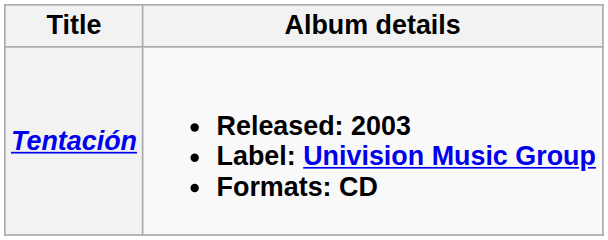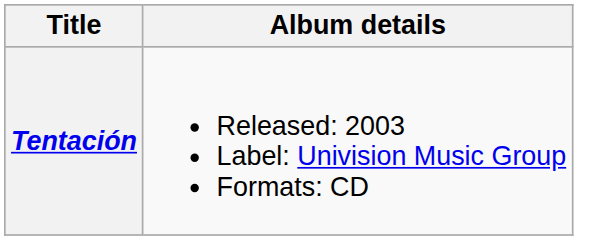 <table class="wikitable plainrowheaders">
 <tr>
 <th scope="col">Title</th>
 <th scope="col">Album details</th>
 </tr>
 <tr>
 <th scope="row"><em><a href='#'>Tentación</a></em></th>
-<td><strong><br><ul><li>Released: 2003</li><li>Label: <a href='#'>Univision Music Group</a></li><li>Formats: CD</li></ul></strong></td>
+<td><br><ul><li>Released: 2003</li><li>Label: <a href='#'>Univision Music Group</a></li><li>Formats: CD</li></ul></td>
 </tr>
 </table>
